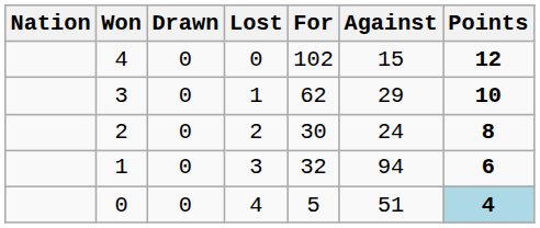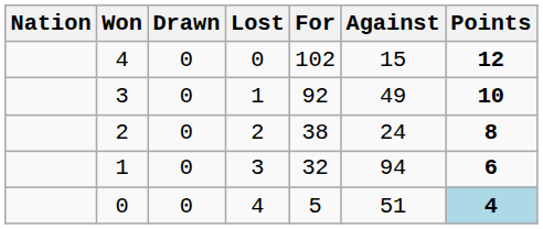 <table class="wikitable" style="text-align: center;">
 <tr>
 <th>Nation</th>
 <th>Won</th>
 <th>Drawn</th>
 <th>Lost</th>
 <th>For</th>
 <th>Against</th>
 <th>Points</th>
 </tr>
 <tr>
 <td align="left"></td>
 <td>4</td>
 <td>0</td>
 <td>0</td>
 <td>102</td>
 <td>15</td>
 <td><strong>12</strong></td>
 </tr>
 <tr>
 <td align="left"></td>
 <td>3</td>
 <td>0</td>
 <td>1</td>
-<td>62</td>
-<td>29</td>
+<td>92</td>
+<td>49</td>
 <td><strong>10</strong></td>
 </tr>
 <tr>
 <td align="left"></td>
 <td>2</td>
 <td>0</td>
 <td>2</td>
-<td>30</td>
+<td>38</td>
 <td>24</td>
 <td><strong>8</strong></td>
 </tr>
 <tr>
 <td align="left"></td>
 <td>1</td>
 <td>0</td>
 <td>3</td>
 <td>32</td>
 <td>94</td>
 <td><strong>6</strong></td>
 </tr>
 <tr>
 <td align="left"></td>
 <td>0</td>
 <td>0</td>
 <td>4</td>
 <td>5</td>
 <td>51</td>
 <td style="background: lightblue;"><strong>4</strong></td>
 </tr>
 </table>
